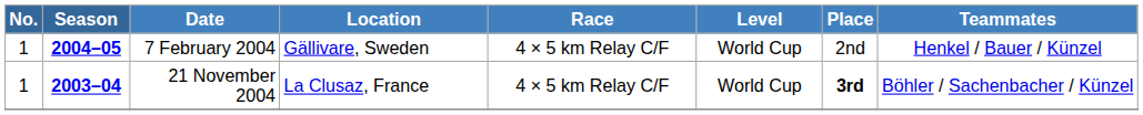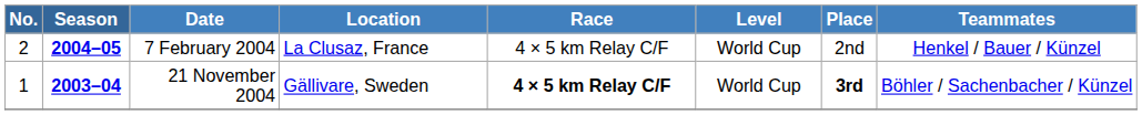 <table class="wikitable sortable" style="font-size:95%; text-align:center; border:grey solid 1px; border-collapse:collapse; background:#ffffff;">
 <tr style="background:#efefef;">
 <th style="background-color:#369; color:white;">No.</th>
 <th style="background-color:#369; color:white;">Season</th>
 <th style="background-color:#4180be; color:white; width:120px;">Date</th>
 <th style="background-color:#4180be; color:white; width:170px;">Location</th>
 <th style="background-color:#4180be; color:white; width:170px;">Race</th>
 <th style="background-color:#4180be; color:white; width:100px;">Level</th>
 <th style="background-color:#4180be; color:white;">Place</th>
 <th style="background-color:#4180be; color:white;">Teammates</th>
 </tr>
 <tr>
-<td align=center>1</td>
+<td align=center>2</td>
 <td rowspan=1 align=center><strong> <a href='#'>2004–05</a> </strong></td>
 <td align=right>7 February 2004</td>
-<td align=left> <a href='#'>Gällivare</a>, Sweden</td>
+<td align=left> <a href='#'>La Clusaz</a>, France</td>
 <td>4 × 5 km Relay C/F</td>
 <td>World Cup</td>
 <td>2nd</td>
 <td><a href='#'>Henkel</a> / <a href='#'>Bauer</a> / <a href='#'>Künzel</a></td>
 </tr>
 <tr>
 <td align=center>1</td>
 <td rowspan=1 align=center><strong> <a href='#'>2003–04</a> </strong></td>
 <td align=right>21 November 2004</td>
-<td align=left> <a href='#'>La Clusaz</a>, France</td>
-<td>4 × 5 km Relay C/F</td>
+<td align=left> <a href='#'>Gällivare</a>, Sweden</td>
+<td><strong>4 × 5 km Relay C/F</strong></td>
 <td>World Cup</td>
 <td><strong>3rd</strong></td>
 <td><a href='#'>Böhler</a> / <a href='#'>Sachenbacher</a> / <a href='#'>Künzel</a></td>
 </tr>
 <tr>
 </tr>
 </table>
